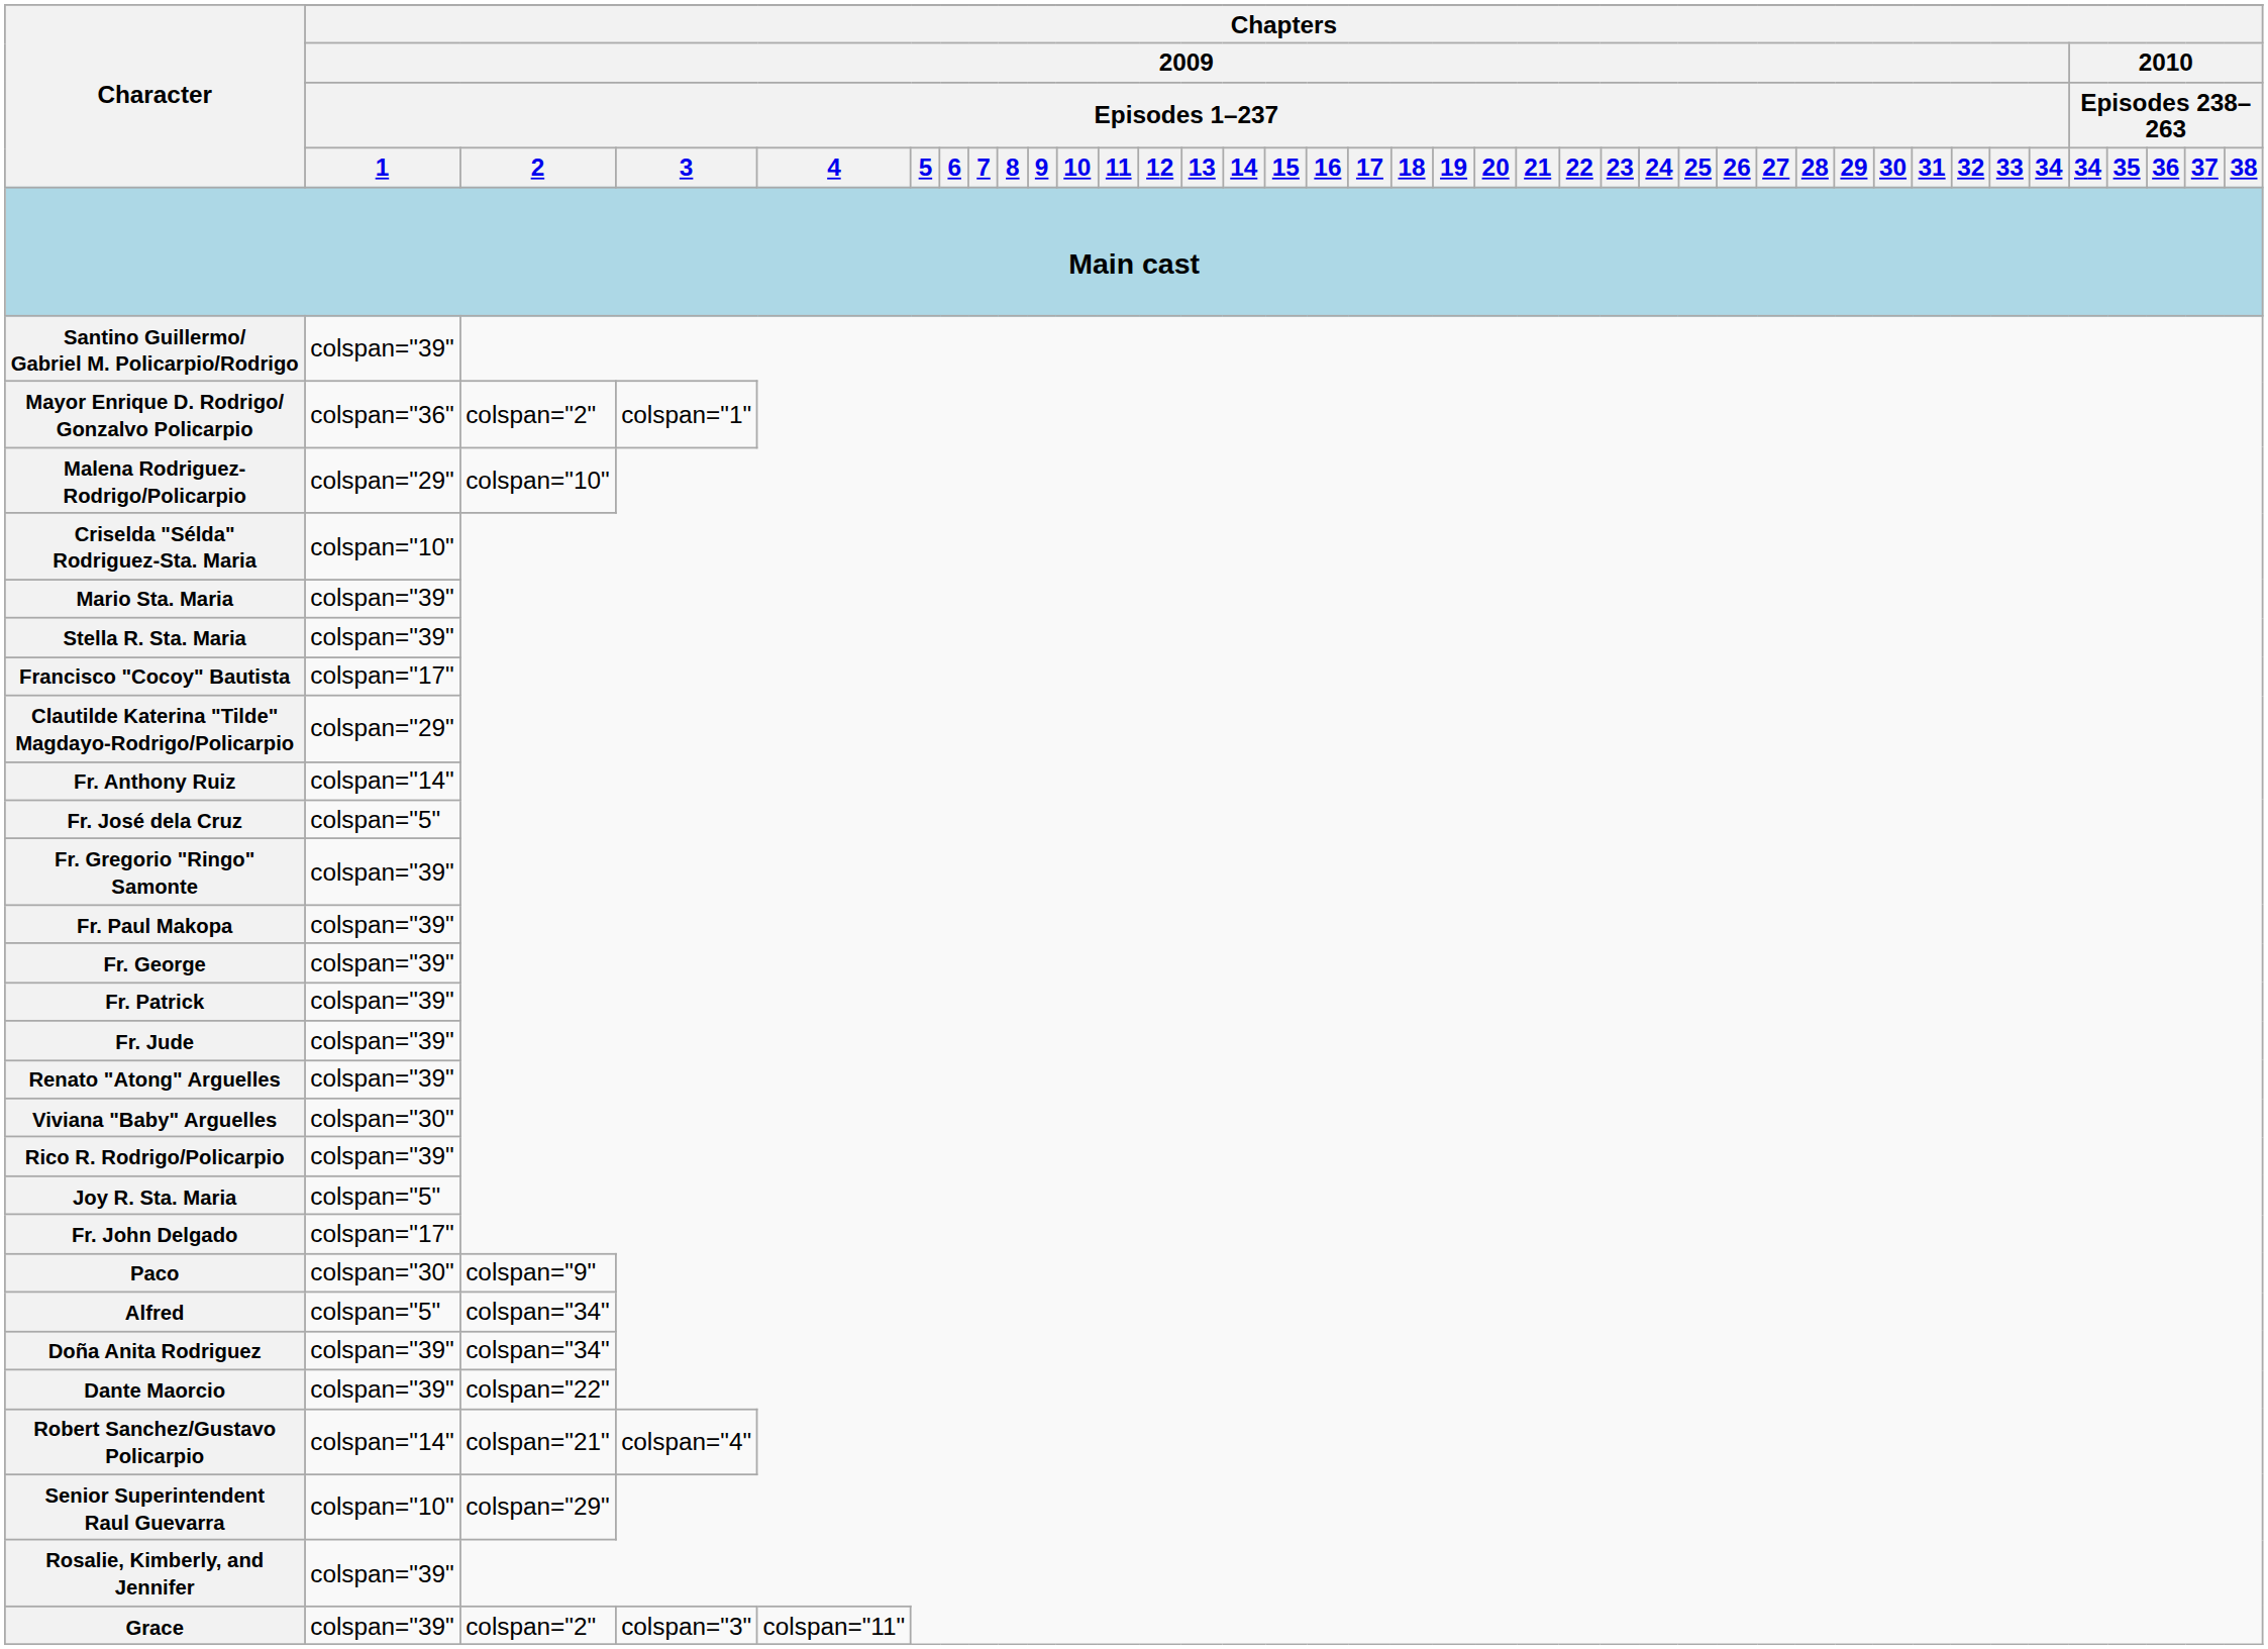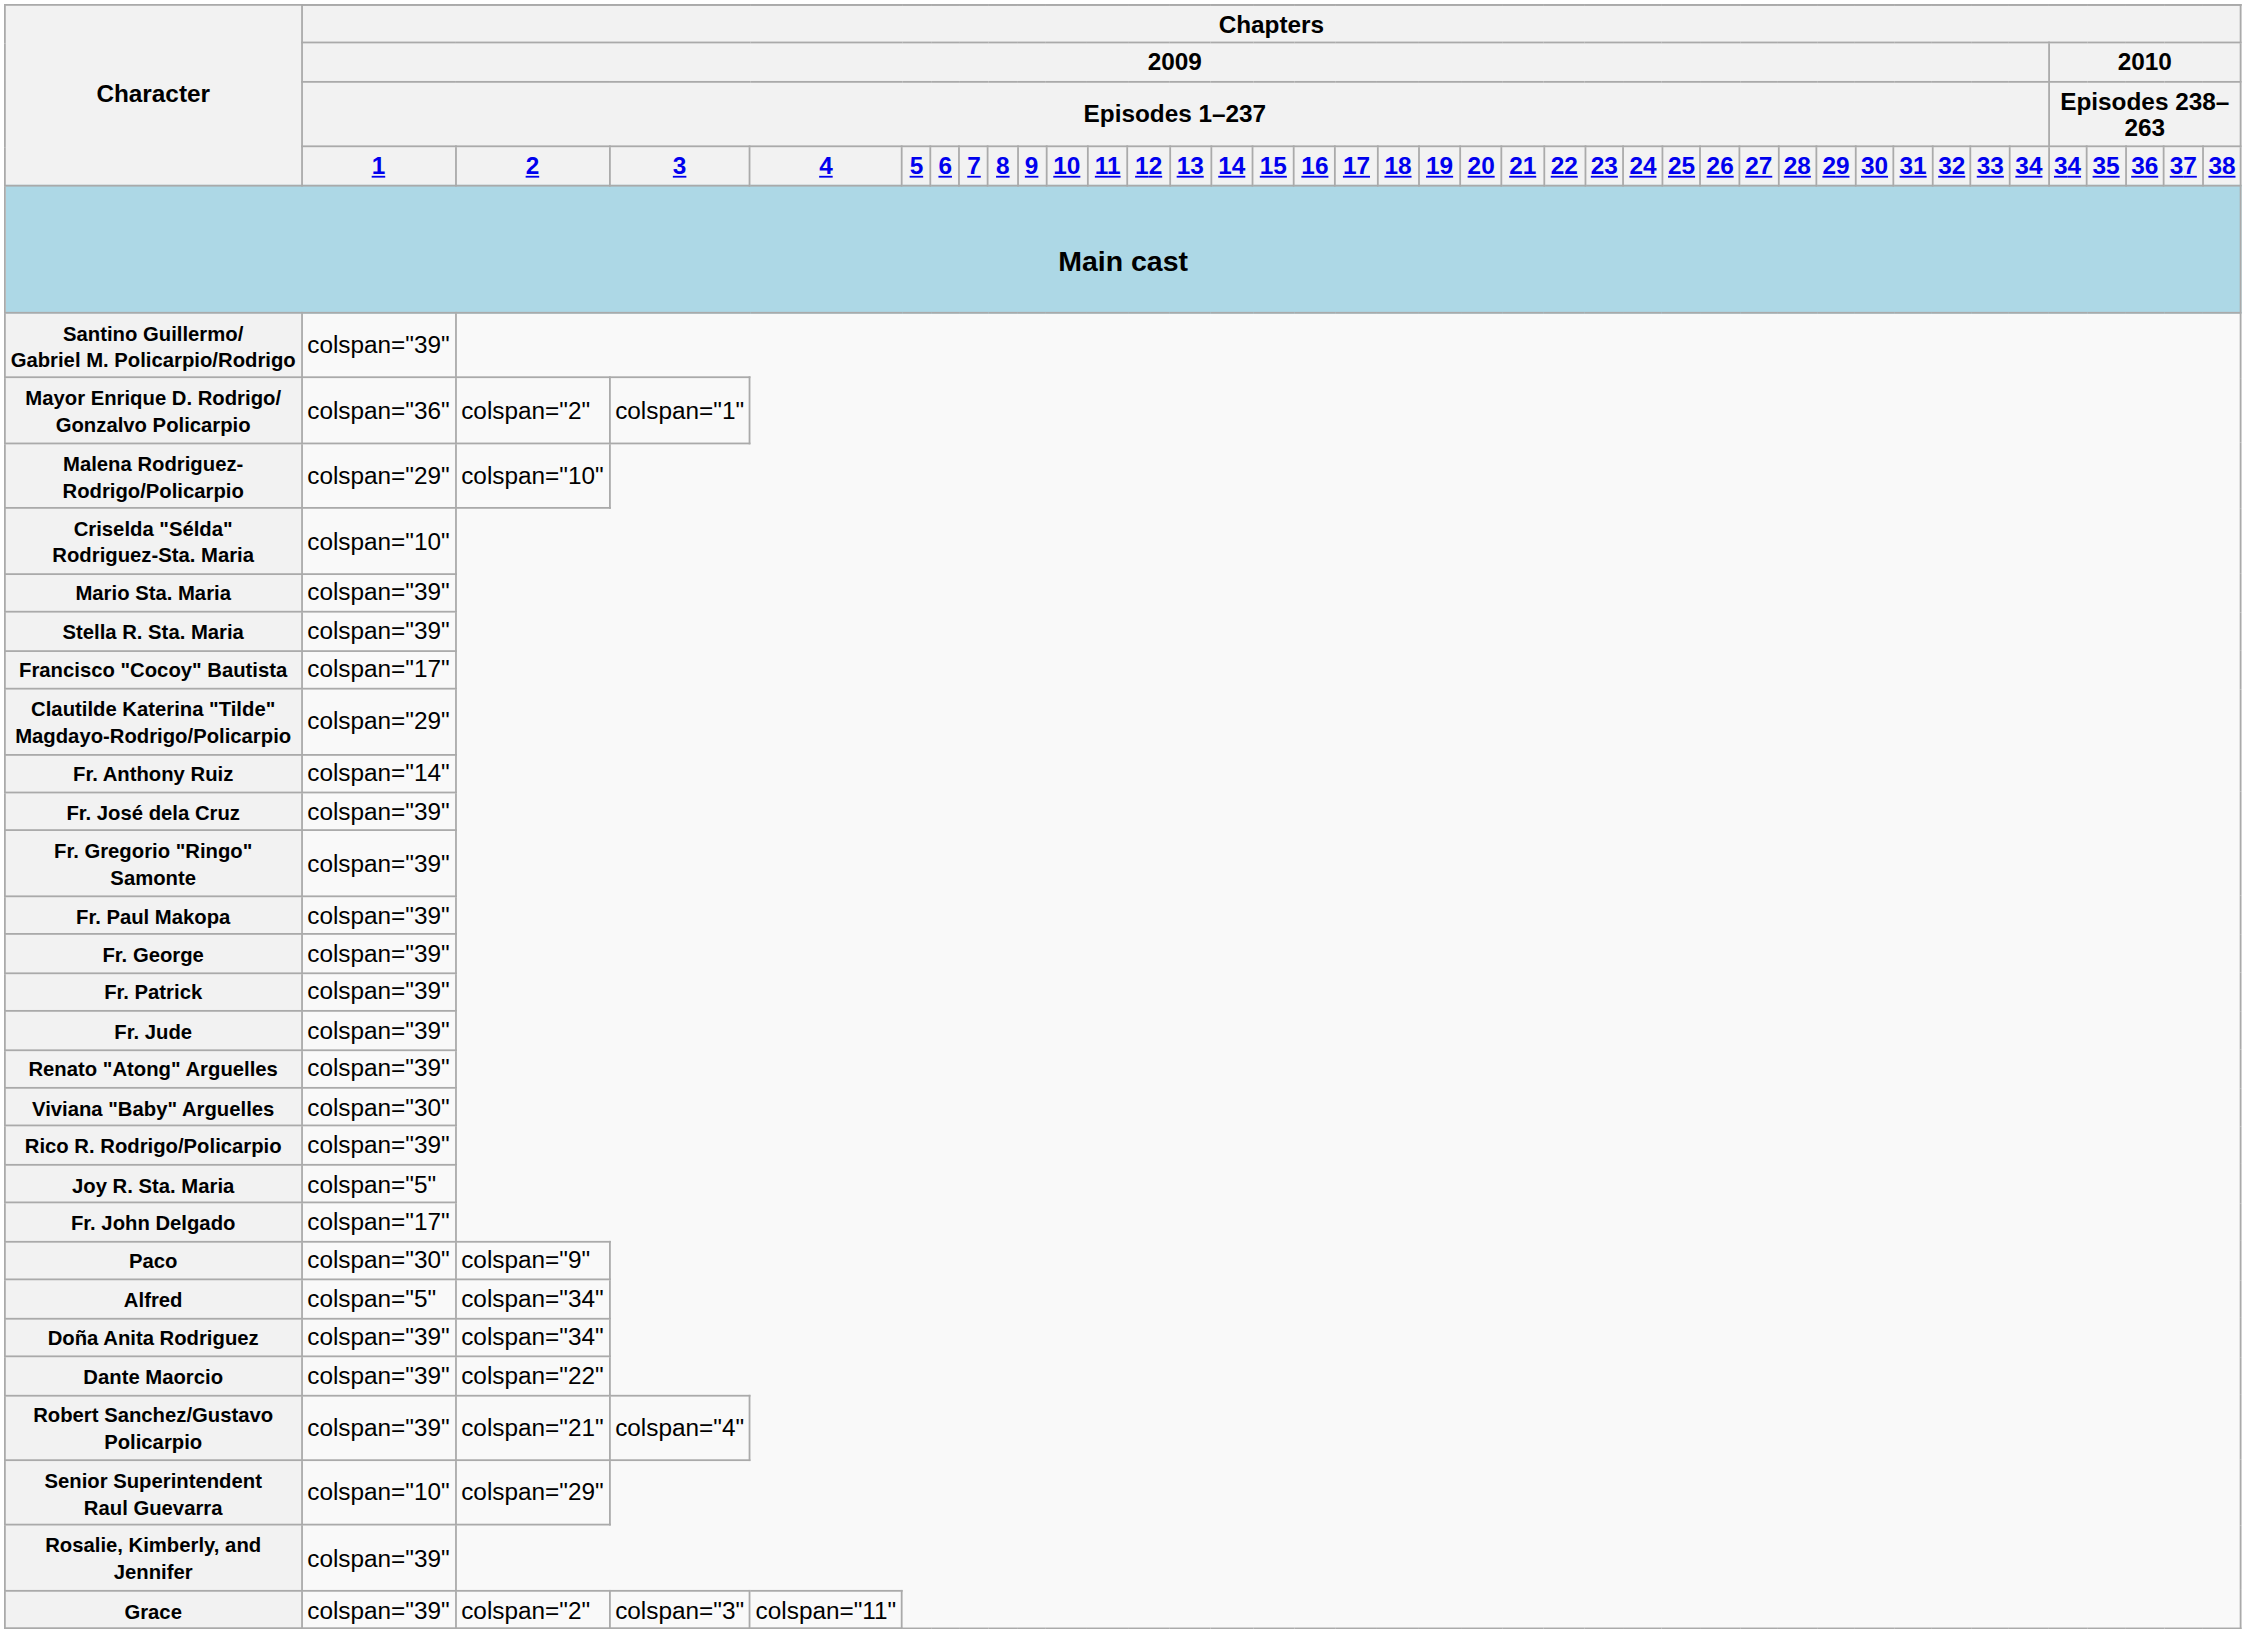 <table class="wikitable" style="font-size: 85%; wisth:100%;">
 <tr>
 <th scope="col" rowspan="5" style="width:12%;">Character</th>
 </tr>
 <tr>
 <th scope="col" colspan="39" style="width:68%;">Chapters</th>
 </tr>
 <tr>
 <th scope="col" colspan="34" style="width:68%;">2009</th>
 <th scope="col" colspan="5" style="width:68%;">2010</th>
 </tr>
 <tr>
 <th scope="col" colspan="34" style="width:68%;">Episodes 1–237</th>
 <th scope="col" colspan="5" style="width:68%;">Episodes 238–263</th>
 </tr>
 <tr>
 <th scope="col" style="width:4%;"><a href='#'>1</a></th>
 <th scope="col" style="width:4%;"><a href='#'>2</a></th>
 <th scope="col" style="width:4%;"><a href='#'>3</a></th>
 <th scope="col" style="width:4%;"><a href='#'>4</a></th>
 <th scope="col" style="width:4%;"><a href='#'>5</a></th>
 <th scope="col" style="width:4%;"><a href='#'>6</a></th>
 <th scope="col" style="width:4%;"><a href='#'>7</a></th>
 <th scope="col" style="width:4%;"><a href='#'>8</a></th>
 <th scope="col" style="width:4%;"><a href='#'>9</a></th>
 <th scope="col" style="width:4%;"><a href='#'>10</a></th>
 <th scope="col" style="width:4%;"><a href='#'>11</a></th>
 <th scope="col" style="width:4%;"><a href='#'>1</a><a href='#'>2</a></th>
 <th scope="col" style="width:4%;"><a href='#'>13</a></th>
 <th scope="col" style="width:4%;"><a href='#'>14</a></th>
 <th scope="col" style="width:4%;"><a href='#'>15</a></th>
 <th scope="col" style="width:4%;"><a href='#'>16</a></th>
 <th scope="col" style="width:4%;"><a href='#'>17</a></th>
 <th scope="col" style="width:4%;"><a href='#'>18</a></th>
 <th scope="col" style="width:4%;"><a href='#'>19</a></th>
 <th scope="col" style="width:4%;"><a href='#'>20</a></th>
 <th scope="col" style="width:4%;"><a href='#'>21</a></th>
 <th scope="col" style="width:4%;"><a href='#'>22</a></th>
 <th scope="col" style="width:4%;"><a href='#'>23</a></th>
 <th scope="col" style="width:4%;"><a href='#'>24</a></th>
 <th scope="col" style="width:4%;"><a href='#'>25</a></th>
 <th scope="col" style="width:4%;"><a href='#'>26</a></th>
 <th scope="col" style="width:4%;"><a href='#'>27</a></th>
 <th scope="col" style="width:4%;"><a href='#'>28</a></th>
 <th scope="col" style="width:4%;"><a href='#'>2</a><a href='#'>9</a></th>
 <th scope="col" style="width:4%;"><a href='#'>30</a></th>
 <th scope="col" style="width:4%;"><a href='#'>31</a></th>
 <th scope="col" style="width:4%;"><a href='#'>32</a></th>
 <th scope="col" style="width:4%;"><a href='#'>33</a></th>
 <th scope="col" style="width:4%;"><a href='#'>34</a></th>
 <th scope="col" style="width:4%;"><a href='#'>3</a><a href='#'>4</a></th>
 <th scope="col" style="width:4%;"><a href='#'>35</a></th>
 <th scope="col" style="width:4%;"><a href='#'>36</a></th>
 <th scope="col" style="width:4%;"><a href='#'>3</a><a href='#'>7</a></th>
 <th scope="col" style="width:4%;"><a href='#'>38</a></th>
 </tr>
 <tr>
 <th colspan="40" style="background:lightblue;"><br><h3>Main cast</h3> </th>
 </tr>
 <tr>
 <th nowrap><small>Santino Guillermo/<br>Gabriel M. Policarpio/Rodrigo</small></th>
 <td>colspan="39" </td>
 </tr>
 <tr>
 <th><small>Mayor Enrique D. Rodrigo/<br>Gonzalvo Policarpio</small></th>
 <td>colspan="36" </td>
 <td>colspan="2" </td>
 <td>colspan="1" </td>
 </tr>
 <tr>
 <th><small>Malena Rodriguez-Rodrigo/Policarpio</small></th>
 <td>colspan="29" </td>
 <td>colspan="10" </td>
 </tr>
 <tr>
 <th><small>Criselda "Sélda" <br>Rodriguez-Sta. Maria</small></th>
 <td>colspan="10" </td>
 </tr>
 <tr>
 <th><small>Mario Sta. Maria</small></th>
 <td>colspan="39" </td>
 </tr>
 <tr>
 <th><small>Stella R. Sta. Maria</small></th>
 <td>colspan="39" </td>
 </tr>
 <tr>
 <th><small>Francisco "Cocoy" Bautista</small></th>
 <td>colspan="17" </td>
 </tr>
 <tr>
 <th><small>Clautilde Katerina "Tilde" <br>Magdayo-Rodrigo/Policarpio</small></th>
 <td>colspan="29" </td>
 </tr>
 <tr>
 <th><small>Fr. Anthony Ruiz </small></th>
 <td>colspan="14" </td>
 </tr>
 <tr>
 <th><small>Fr. José dela Cruz</small></th>
-<td>colspan="5" </td>
+<td>colspan="39" </td>
 </tr>
 <tr>
 <th><small>Fr. Gregorio "Ringo" Samonte </small></th>
 <td>colspan="39" </td>
 </tr>
 <tr>
 <th><small>Fr. Paul Makopa</small></th>
 <td>colspan="39" </td>
 </tr>
 <tr>
 <th><small>Fr. George</small></th>
 <td>colspan="39" </td>
 </tr>
 <tr>
 <th><small>Fr. Patrick</small></th>
 <td>colspan="39" </td>
 </tr>
 <tr>
 <th><small>Fr. Jude</small></th>
 <td>colspan="39" </td>
 </tr>
 <tr>
 <th><small>Renato "Atong" Arguelles</small></th>
 <td>colspan="39" </td>
 </tr>
 <tr>
 <th><small>Viviana "Baby" Arguelles</small></th>
 <td>colspan="30" </td>
 </tr>
 <tr>
 <th><small>Rico R. Rodrigo/Policarpio </small></th>
 <td>colspan="39" </td>
 </tr>
 <tr>
 <th><small>Joy R. Sta. Maria</small></th>
 <td>colspan="5" </td>
 </tr>
 <tr>
 <th><small>Fr. John Delgado</small></th>
 <td>colspan="17" </td>
 </tr>
 <tr>
 <th><small>Paco</small></th>
 <td>colspan="30" </td>
 <td>colspan="9" </td>
 </tr>
 <tr>
 <th><small>Alfred</small></th>
 <td>colspan="5" </td>
 <td>colspan="34" </td>
 </tr>
 <tr>
 <th><small>Doña Anita Rodriguez</small></th>
 <td>colspan="39" </td>
 <td>colspan="34" </td>
 </tr>
 <tr>
 <th><small>Dante Maorcio</small></th>
 <td>colspan="39" </td>
 <td>colspan="22" </td>
 </tr>
 <tr>
 <th><small>Robert Sanchez/Gustavo Policarpio</small></th>
-<td>colspan="14" </td>
+<td>colspan="39" </td>
 <td>colspan="21" </td>
 <td>colspan="4" </td>
 </tr>
 <tr>
 <th><small>Senior Superintendent <br>Raul Guevarra</small></th>
 <td>colspan="10" </td>
 <td>colspan="29" </td>
 </tr>
 <tr>
 <th><small>Rosalie, Kimberly, and Jennifer</small></th>
 <td>colspan="39" </td>
 </tr>
 <tr>
 <th><small>Grace</small></th>
 <td>colspan="39" </td>
 <td>colspan="2" </td>
 <td>colspan="3" </td>
 <td>colspan="11" </td>
 </tr>
 <tr>
 </tr>
 </table>
